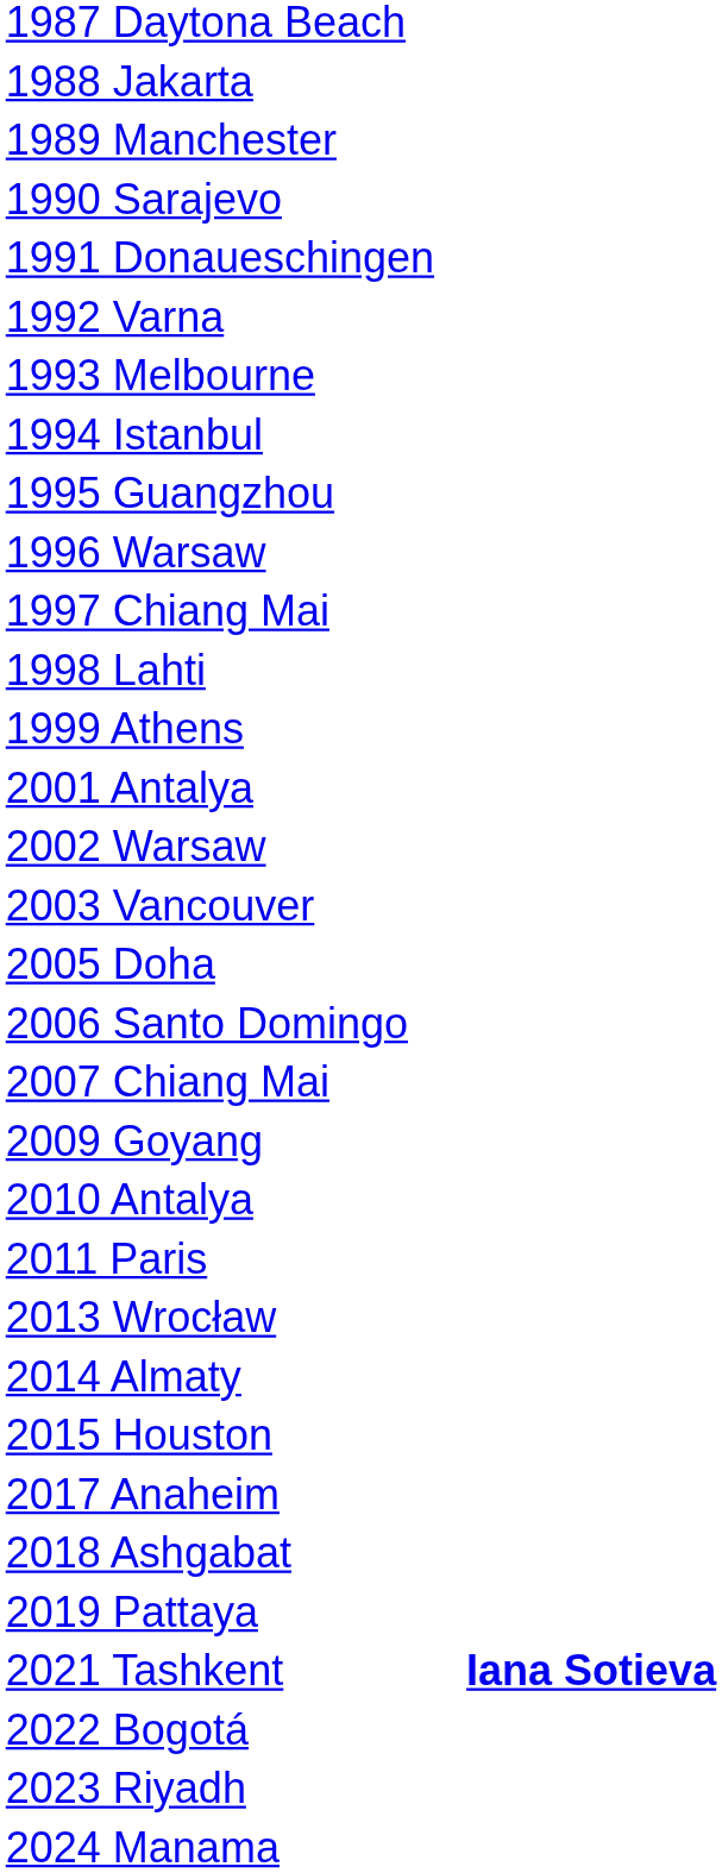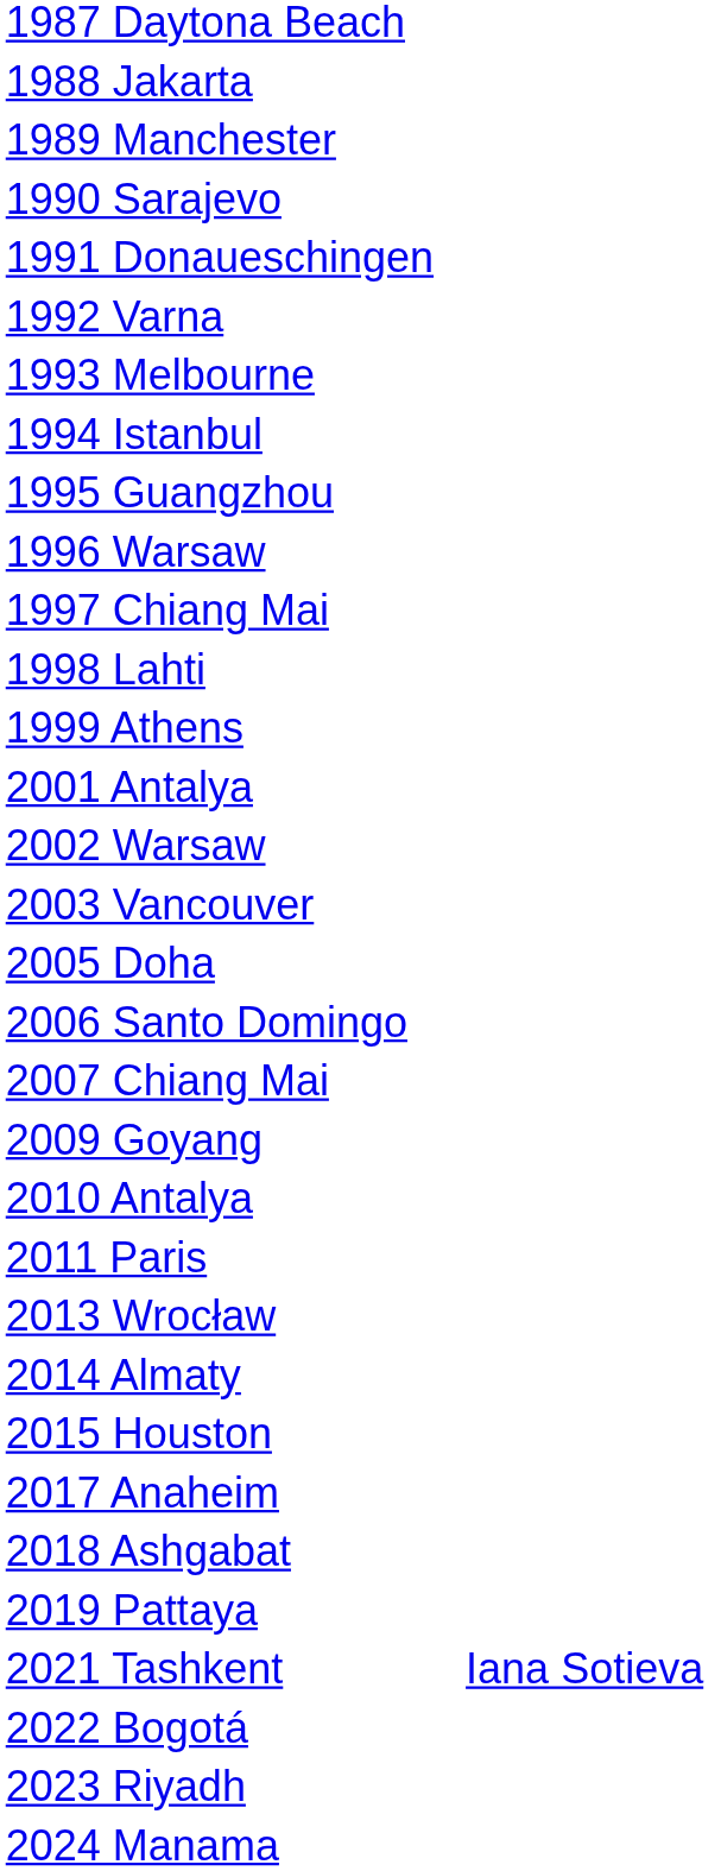 <table>
 <tr>
 <td><a href='#'>1987 Daytona Beach</a></td>
 <td></td>
 <td></td>
 <td></td>
 </tr>
 <tr>
 <td><a href='#'>1988 Jakarta</a></td>
 <td></td>
 <td></td>
 <td></td>
 </tr>
 <tr>
 <td><a href='#'>1989 Manchester</a></td>
 <td></td>
 <td></td>
 <td></td>
 </tr>
 <tr>
 <td><a href='#'>1990 Sarajevo</a></td>
 <td></td>
 <td></td>
 <td></td>
 </tr>
 <tr>
 <td><a href='#'>1991 Donaueschingen</a></td>
 <td></td>
 <td></td>
 <td></td>
 </tr>
 <tr>
 <td><a href='#'>1992 Varna</a></td>
 <td></td>
 <td></td>
 <td></td>
 </tr>
 <tr>
 <td><a href='#'>1993 Melbourne</a></td>
 <td></td>
 <td></td>
 <td></td>
 </tr>
 <tr>
 <td><a href='#'>1994 Istanbul</a></td>
 <td></td>
 <td></td>
 <td></td>
 </tr>
 <tr>
 <td><a href='#'>1995 Guangzhou</a></td>
 <td></td>
 <td></td>
 <td></td>
 </tr>
 <tr>
 <td><a href='#'>1996 Warsaw</a></td>
 <td></td>
 <td></td>
 <td></td>
 </tr>
 <tr>
 <td><a href='#'>1997 Chiang Mai</a></td>
 <td></td>
 <td></td>
 <td></td>
 </tr>
 <tr>
 <td><a href='#'>1998 Lahti</a></td>
 <td></td>
 <td></td>
 <td></td>
 </tr>
 <tr>
 <td><a href='#'>1999 Athens</a></td>
 <td></td>
 <td></td>
 <td></td>
 </tr>
 <tr>
 <td><a href='#'>2001 Antalya</a></td>
 <td></td>
 <td></td>
 <td></td>
 </tr>
 <tr>
 <td><a href='#'>2002 Warsaw</a></td>
 <td></td>
 <td></td>
 <td></td>
 </tr>
 <tr>
 <td><a href='#'>2003 Vancouver</a></td>
 <td></td>
 <td></td>
 <td></td>
 </tr>
 <tr>
 <td><a href='#'>2005 Doha</a></td>
 <td></td>
 <td></td>
 <td></td>
 </tr>
 <tr>
 <td><a href='#'>2006 Santo Domingo</a></td>
 <td></td>
 <td></td>
 <td></td>
 </tr>
 <tr>
 <td><a href='#'>2007 Chiang Mai</a></td>
 <td></td>
 <td></td>
 <td></td>
 </tr>
 <tr>
 <td><a href='#'>2009 Goyang</a></td>
 <td></td>
 <td></td>
 <td></td>
 </tr>
 <tr>
 <td><a href='#'>2010 Antalya</a></td>
 <td></td>
 <td></td>
 <td></td>
 </tr>
 <tr>
 <td><a href='#'>2011 Paris</a></td>
 <td></td>
 <td></td>
 <td></td>
 </tr>
 <tr>
 <td><a href='#'>2013 Wrocław</a></td>
 <td></td>
 <td></td>
 <td></td>
 </tr>
 <tr>
 <td><a href='#'>2014 Almaty</a></td>
 <td></td>
 <td></td>
 <td></td>
 </tr>
 <tr>
 <td><a href='#'>2015 Houston</a></td>
 <td></td>
 <td></td>
 <td></td>
 </tr>
 <tr>
 <td><a href='#'>2017 Anaheim</a></td>
 <td></td>
 <td></td>
 <td></td>
 </tr>
 <tr>
 <td><a href='#'>2018 Ashgabat</a></td>
 <td></td>
 <td></td>
 <td></td>
 </tr>
 <tr>
 <td><a href='#'>2019 Pattaya</a></td>
 <td></td>
 <td></td>
 <td></td>
 </tr>
 <tr>
 <td><a href='#'>2021 Tashkent</a></td>
 <td></td>
 <td></td>
-<td><strong> <a href='#'>Iana Sotieva</a> </strong></td>
+<td> <a href='#'>Iana Sotieva</a> </td>
 </tr>
 <tr>
 <td><a href='#'>2022 Bogotá</a></td>
 <td></td>
 <td></td>
 <td></td>
 </tr>
 <tr>
 <td><a href='#'>2023 Riyadh</a></td>
 <td></td>
 <td></td>
 <td></td>
 </tr>
 <tr>
 <td><a href='#'>2024 Manama</a></td>
 <td></td>
 <td></td>
 <td></td>
 </tr>
 </table>
